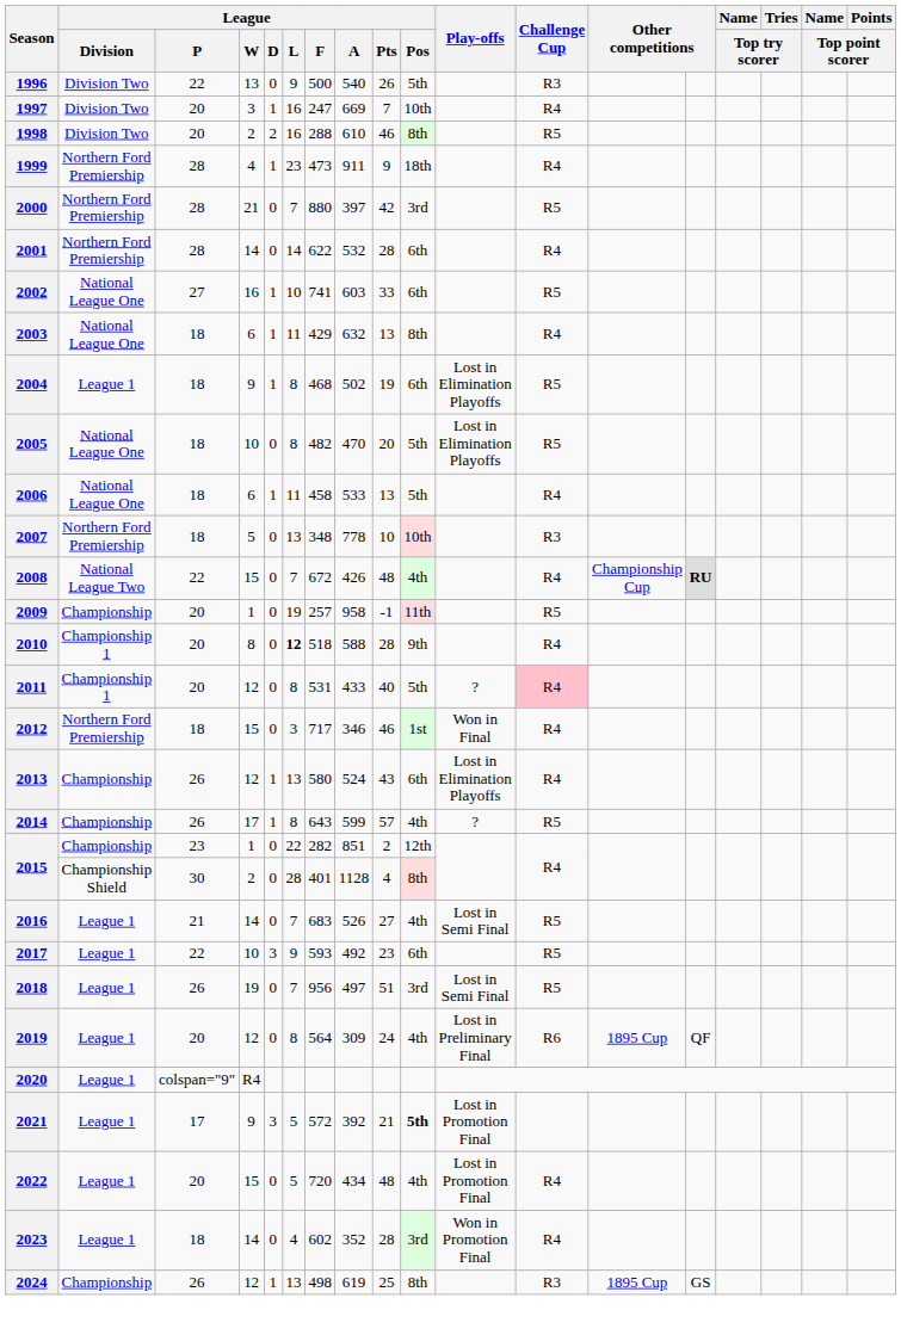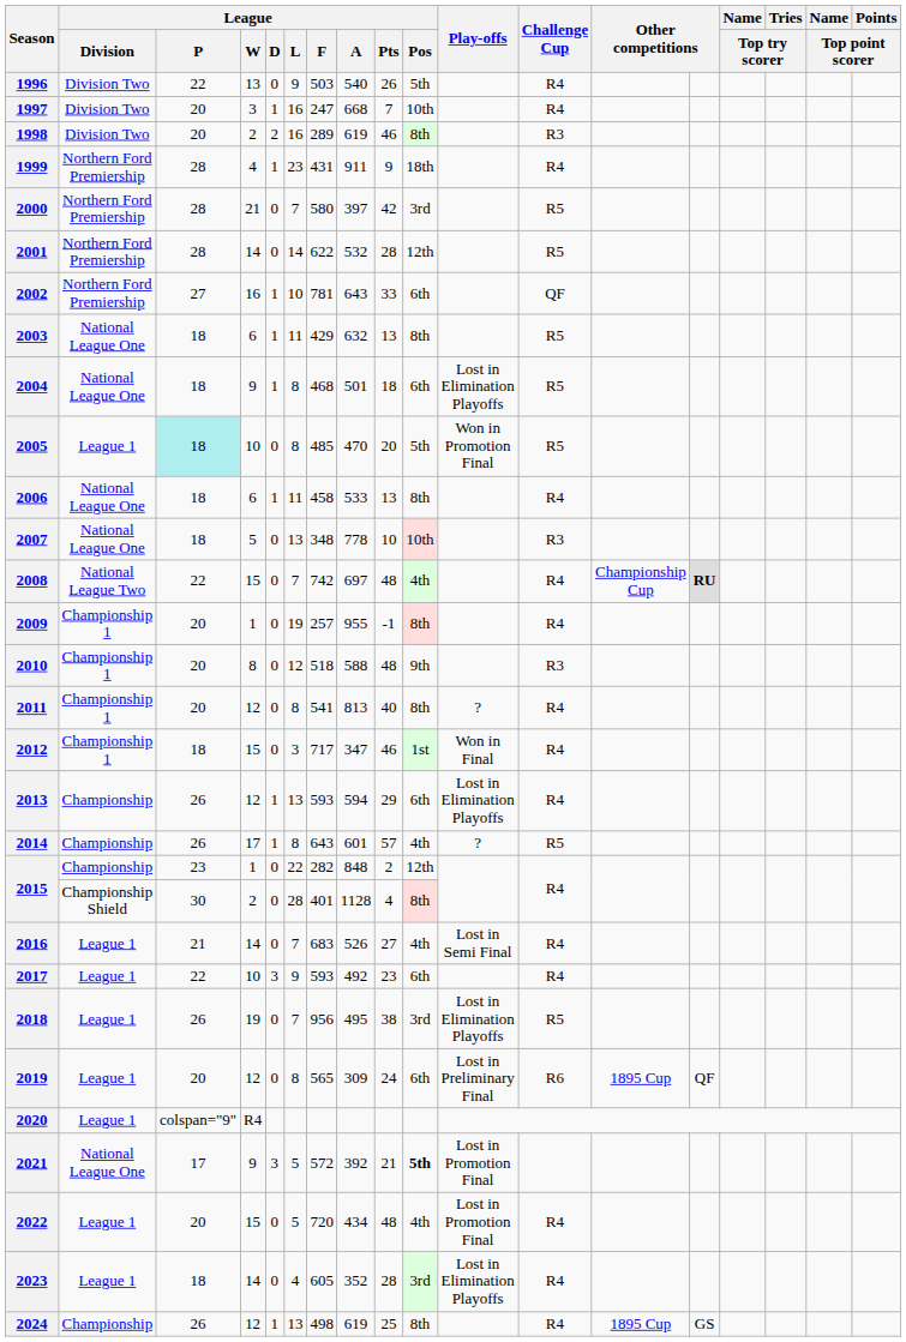 <table class="wikitable" style="text-align: center">
 <tr>
 <th rowspan="2" scope="col">Season</th>
 <th colspan="9" scope="col">League</th>
 <th rowspan="2" scope="col"><a href='#'>Play-offs</a></th>
 <th rowspan="2" scope="col"><a href='#'>Challenge Cup</a></th>
 <th colspan="2" rowspan="2" scope="col">Other competitions</th>
 <th scope="col">Name</th>
 <th scope="col">Tries</th>
 <th scope="col">Name</th>
 <th scope="col">Points</th>
 </tr>
 <tr>
 <th scope="col">Division</th>
 <th scope="col">P</th>
 <th scope="col">W</th>
 <th scope="col">D</th>
 <th scope="col">L</th>
 <th scope="col">F</th>
 <th scope="col">A</th>
 <th scope="col">Pts</th>
 <th scope="col">Pos</th>
 <th colspan="2" scope="col">Top try scorer</th>
 <th colspan="2" scope="col">Top point scorer</th>
 </tr>
 <tr>
 <th scope="row"><a href='#'>1996</a></th>
 <td><a href='#'>Division Two</a></td>
 <td>22</td>
 <td>13</td>
 <td>0</td>
 <td>9</td>
-<td>500</td>
+<td>503</td>
 <td>540</td>
 <td>26</td>
 <td>5th</td>
 <td></td>
-<td>R3</td>
+<td>R4</td>
 <td></td>
 <td></td>
 <td></td>
 <td></td>
 <td></td>
 <td></td>
 </tr>
 <tr>
 <th scope="row"><a href='#'>1997</a></th>
 <td><a href='#'>Division Two</a></td>
 <td>20</td>
 <td>3</td>
 <td>1</td>
 <td>16</td>
 <td>247</td>
-<td>669</td>
+<td>668</td>
 <td>7</td>
 <td>10th</td>
 <td></td>
 <td>R4</td>
 <td></td>
 <td></td>
 <td></td>
 <td></td>
 <td></td>
 <td></td>
 </tr>
 <tr>
 <th scope="row"><a href='#'>1998</a></th>
 <td><a href='#'>Division Two</a></td>
 <td>20</td>
 <td>2</td>
 <td>2</td>
 <td>16</td>
-<td>288</td>
-<td>610</td>
+<td>289</td>
+<td>619</td>
 <td>46</td>
 <td style="background:#ddffdd;">8th</td>
 <td></td>
-<td>R5</td>
+<td>R3</td>
 <td></td>
 <td></td>
 <td></td>
 <td></td>
 <td></td>
 <td></td>
 </tr>
 <tr>
 <th scope="row"><a href='#'>1999</a></th>
 <td><a href='#'>Northern Ford Premiership</a></td>
 <td>28</td>
 <td>4</td>
 <td>1</td>
 <td>23</td>
-<td>473</td>
+<td>431</td>
 <td>911</td>
 <td>9</td>
 <td>18th</td>
 <td></td>
 <td>R4</td>
 <td></td>
 <td></td>
 <td></td>
 <td></td>
 <td></td>
 <td></td>
 </tr>
 <tr>
 <th scope="row"><a href='#'>2000</a></th>
 <td><a href='#'>Northern Ford Premiership</a></td>
 <td>28</td>
 <td>21</td>
 <td>0</td>
 <td>7</td>
-<td>880</td>
+<td>580</td>
 <td>397</td>
 <td>42</td>
 <td>3rd</td>
 <td></td>
 <td>R5</td>
 <td></td>
 <td></td>
 <td></td>
 <td></td>
 <td></td>
 <td></td>
 </tr>
 <tr>
 <th scope="row"><a href='#'>2001</a></th>
 <td><a href='#'>Northern Ford Premiership</a></td>
 <td>28</td>
 <td>14</td>
 <td>0</td>
 <td>14</td>
 <td>622</td>
 <td>532</td>
 <td>28</td>
-<td>6th</td>
+<td>12th</td>
 <td></td>
-<td>R4</td>
+<td>R5</td>
 <td></td>
 <td></td>
 <td></td>
 <td></td>
 <td></td>
 <td></td>
 </tr>
 <tr>
 <th scope="row"><a href='#'>2002</a></th>
-<td><a href='#'>National League One</a></td>
+<td><a href='#'>Northern Ford Premiership</a></td>
 <td>27</td>
 <td>16</td>
 <td>1</td>
 <td>10</td>
-<td>741</td>
-<td>603</td>
+<td>781</td>
+<td>643</td>
 <td>33</td>
 <td>6th</td>
 <td></td>
-<td>R5</td>
+<td>QF</td>
 <td></td>
 <td></td>
 <td></td>
 <td></td>
 <td></td>
 <td></td>
 </tr>
 <tr>
 <th scope="row"><a href='#'>2003</a></th>
 <td><a href='#'>National League One</a></td>
 <td>18</td>
 <td>6</td>
 <td>1</td>
 <td>11</td>
 <td>429</td>
 <td>632</td>
 <td>13</td>
 <td>8th</td>
 <td></td>
-<td>R4</td>
+<td>R5</td>
 <td></td>
 <td></td>
 <td></td>
 <td></td>
 <td></td>
 <td></td>
 </tr>
 <tr>
 <th scope="row"><a href='#'>2004</a></th>
-<td><a href='#'>League 1</a></td>
+<td><a href='#'>National League One</a></td>
 <td>18</td>
 <td>9</td>
 <td>1</td>
 <td>8</td>
 <td>468</td>
-<td>502</td>
-<td>19</td>
+<td>501</td>
+<td>18</td>
 <td>6th</td>
 <td>Lost in Elimination Playoffs</td>
 <td>R5</td>
 <td></td>
 <td></td>
 <td></td>
 <td></td>
 <td></td>
 <td></td>
 </tr>
 <tr>
 <th scope="row"><a href='#'>2005</a></th>
-<td><a href='#'>National League One</a></td>
-<td>18</td>
+<td><a href='#'>League 1</a></td>
+<td style="background: paleturquoise;">18</td>
 <td>10</td>
 <td>0</td>
 <td>8</td>
-<td>482</td>
+<td>485</td>
 <td>470</td>
 <td>20</td>
 <td>5th</td>
-<td>Lost in Elimination Playoffs</td>
+<td>Won in Promotion Final</td>
 <td>R5</td>
 <td></td>
 <td></td>
 <td></td>
 <td></td>
 <td></td>
 <td></td>
 </tr>
 <tr>
 <th scope="row"><a href='#'>2006</a></th>
 <td><a href='#'>National League One</a></td>
 <td>18</td>
 <td>6</td>
 <td>1</td>
 <td>11</td>
 <td>458</td>
 <td>533</td>
 <td>13</td>
-<td>5th</td>
+<td>8th</td>
 <td></td>
 <td>R4</td>
 <td></td>
 <td></td>
 <td></td>
 <td></td>
 <td></td>
 <td></td>
 </tr>
 <tr>
 <th scope="row"><a href='#'>2007</a></th>
-<td><a href='#'>Northern Ford Premiership</a></td>
+<td><a href='#'>National League One</a></td>
 <td>18</td>
 <td>5</td>
 <td>0</td>
 <td>13</td>
 <td>348</td>
 <td>778</td>
 <td>10</td>
 <td style="background:#ffdddd;">10th</td>
 <td></td>
 <td>R3</td>
 <td></td>
 <td></td>
 <td></td>
 <td></td>
 <td></td>
 <td></td>
 </tr>
 <tr>
 <th scope="row"><a href='#'>2008</a></th>
 <td><a href='#'>National League Two</a></td>
 <td>22</td>
 <td>15</td>
 <td>0</td>
 <td>7</td>
-<td>672</td>
-<td>426</td>
+<td>742</td>
+<td>697</td>
 <td>48</td>
 <td style="background:#ddffdd;">4th</td>
 <td></td>
 <td>R4</td>
 <td><a href='#'>Championship Cup</a></td>
 <td style="background-color:#DDD"><strong>RU</strong></td>
 <td></td>
 <td></td>
 <td></td>
 <td></td>
 </tr>
 <tr>
 <th scope="row"><a href='#'>2009</a></th>
-<td><a href='#'>Championship</a></td>
+<td><a href='#'>Championship 1</a></td>
 <td>20</td>
 <td>1</td>
 <td>0</td>
 <td>19</td>
 <td>257</td>
-<td>958</td>
+<td>955</td>
 <td>-1</td>
-<td style="background:#ffdddd;">11th</td>
+<td style="background:#ffdddd;">8th</td>
 <td></td>
-<td>R5</td>
+<td>R4</td>
 <td></td>
 <td></td>
 <td></td>
 <td></td>
 <td></td>
 <td></td>
 </tr>
 <tr>
 <th scope="row"><a href='#'>2010</a></th>
 <td><a href='#'>Championship 1</a></td>
 <td>20</td>
 <td>8</td>
 <td>0</td>
-<td><strong>12</strong></td>
+<td>12</td>
 <td>518</td>
 <td>588</td>
-<td>28</td>
+<td>48</td>
 <td>9th</td>
 <td></td>
-<td>R4</td>
+<td>R3</td>
 <td></td>
 <td></td>
 <td></td>
 <td></td>
 <td></td>
 <td></td>
 </tr>
 <tr>
 <th scope="row"><a href='#'>2011</a></th>
 <td><a href='#'>Championship 1</a></td>
 <td>20</td>
 <td>12</td>
 <td>0</td>
 <td>8</td>
-<td>531</td>
-<td>433</td>
+<td>541</td>
+<td>813</td>
 <td>40</td>
-<td>5th</td>
+<td>8th</td>
 <td>?</td>
-<td style="background: pink;">R4</td>
+<td>R4</td>
 <td></td>
 <td></td>
 <td></td>
 <td></td>
 <td></td>
 <td></td>
 </tr>
 <tr>
 <th scope="row"><a href='#'>2012</a></th>
-<td><a href='#'>Northern Ford Premiership</a></td>
+<td><a href='#'>Championship 1</a></td>
 <td>18</td>
 <td>15</td>
 <td>0</td>
 <td>3</td>
 <td>717</td>
-<td>346</td>
+<td>347</td>
 <td>46</td>
 <td style="background:#ddffdd;">1st</td>
 <td>Won in Final</td>
 <td>R4</td>
 <td></td>
 <td></td>
 <td></td>
 <td></td>
 <td></td>
 <td></td>
 </tr>
 <tr>
 <th scope="row"><a href='#'>2013</a></th>
 <td><a href='#'>Championship</a></td>
 <td>26</td>
 <td>12</td>
 <td>1</td>
 <td>13</td>
-<td>580</td>
-<td>524</td>
-<td>43</td>
+<td>593</td>
+<td>594</td>
+<td>29</td>
 <td>6th</td>
 <td>Lost in Elimination Playoffs</td>
 <td>R4</td>
 <td></td>
 <td></td>
 <td></td>
 <td></td>
 <td></td>
 <td></td>
 </tr>
 <tr>
 <th scope="row"><a href='#'>2014</a></th>
 <td><a href='#'>Championship</a></td>
 <td>26</td>
 <td>17</td>
 <td>1</td>
 <td>8</td>
 <td>643</td>
-<td>599</td>
+<td>601</td>
 <td>57</td>
 <td>4th</td>
 <td>?</td>
 <td>R5</td>
 <td></td>
 <td></td>
 <td></td>
 <td></td>
 <td></td>
 <td></td>
 </tr>
 <tr>
 <th scope="row" rowspan="2"><a href='#'>2015</a></th>
 <td><a href='#'>Championship</a></td>
 <td>23</td>
 <td>1</td>
 <td>0</td>
 <td>22</td>
 <td>282</td>
-<td>851</td>
+<td>848</td>
 <td>2</td>
 <td>12th</td>
 <td rowspan="2"></td>
 <td rowspan="2">R4</td>
 <td rowspan="2"></td>
 <td rowspan="2"></td>
 <td rowspan="2"></td>
 <td rowspan="2"></td>
 <td rowspan="2"></td>
 <td rowspan="2"></td>
 </tr>
 <tr>
 <td>Championship Shield</td>
 <td>30</td>
 <td>2</td>
 <td>0</td>
 <td>28</td>
 <td>401</td>
 <td>1128</td>
 <td>4</td>
 <td style="background:#ffdddd;">8th</td>
 </tr>
 <tr>
 <th scope="row"><a href='#'>2016</a></th>
 <td><a href='#'>League 1</a></td>
 <td>21</td>
 <td>14</td>
 <td>0</td>
 <td>7</td>
 <td>683</td>
 <td>526</td>
 <td>27</td>
 <td>4th</td>
 <td>Lost in Semi Final</td>
-<td>R5</td>
+<td>R4</td>
 <td></td>
 <td></td>
 <td></td>
 <td></td>
 <td></td>
 <td></td>
 </tr>
 <tr>
 <th scope="row"><a href='#'>2017</a></th>
 <td><a href='#'>League 1</a></td>
 <td>22</td>
 <td>10</td>
 <td>3</td>
 <td>9</td>
 <td>593</td>
 <td>492</td>
 <td>23</td>
 <td>6th</td>
 <td></td>
-<td>R5</td>
+<td>R4</td>
 <td></td>
 <td></td>
 <td></td>
 <td></td>
 <td></td>
 <td></td>
 </tr>
 <tr>
 <th scope="row"><a href='#'>2018</a></th>
 <td><a href='#'>League 1</a></td>
 <td>26</td>
 <td>19</td>
 <td>0</td>
 <td>7</td>
 <td>956</td>
-<td>497</td>
-<td>51</td>
+<td>495</td>
+<td>38</td>
 <td>3rd</td>
-<td>Lost in Semi Final</td>
+<td>Lost in Elimination Playoffs</td>
 <td>R5</td>
 <td></td>
 <td></td>
 <td></td>
 <td></td>
 <td></td>
 <td></td>
 </tr>
 <tr>
 <th scope="row"><a href='#'>2019</a></th>
 <td><a href='#'>League 1</a></td>
 <td>20</td>
 <td>12</td>
 <td>0</td>
 <td>8</td>
-<td>564</td>
+<td>565</td>
 <td>309</td>
 <td>24</td>
-<td>4th</td>
+<td>6th</td>
 <td>Lost in Preliminary Final</td>
 <td>R6</td>
 <td><a href='#'>1895 Cup</a></td>
 <td>QF</td>
 <td></td>
 <td></td>
 <td></td>
 <td></td>
 </tr>
 <tr>
 <th scope="row"><a href='#'>2020</a></th>
 <td><a href='#'>League 1</a></td>
 <td>colspan="9"</td>
 <td>R4</td>
 <td></td>
 <td></td>
 <td></td>
 <td></td>
 <td></td>
 <td></td>
 </tr>
 <tr>
 <th scope="row"><a href='#'>2021</a></th>
-<td><a href='#'>League 1</a></td>
+<td><a href='#'>National League One</a></td>
 <td>17</td>
 <td>9</td>
 <td>3</td>
 <td>5</td>
 <td>572</td>
 <td>392</td>
 <td>21</td>
 <td><strong>5th</strong></td>
 <td>Lost in Promotion Final</td>
 <td></td>
 <td></td>
 <td></td>
 <td></td>
 <td></td>
 <td></td>
 <td></td>
 </tr>
 <tr>
 <th scope="row"><a href='#'>2022</a></th>
 <td><a href='#'>League 1</a></td>
 <td>20</td>
 <td>15</td>
 <td>0</td>
 <td>5</td>
 <td>720</td>
 <td>434</td>
 <td>48</td>
 <td>4th</td>
 <td>Lost in Promotion Final</td>
 <td>R4</td>
 <td></td>
 <td></td>
 <td></td>
 <td></td>
 <td></td>
 <td></td>
 </tr>
 <tr>
 <th scope="row"><a href='#'>2023</a></th>
 <td><a href='#'>League 1</a></td>
 <td>18</td>
 <td>14</td>
 <td>0</td>
 <td>4</td>
-<td>602</td>
+<td>605</td>
 <td>352</td>
 <td>28</td>
 <td style="background:#ddffdd;">3rd</td>
-<td>Won in Promotion Final</td>
+<td>Lost in Elimination Playoffs</td>
 <td>R4</td>
 <td></td>
 <td></td>
 <td></td>
 <td></td>
 <td></td>
 <td></td>
 </tr>
 <tr>
 <th scope="row"><a href='#'>2024</a></th>
 <td><a href='#'>Championship</a></td>
 <td>26</td>
 <td>12</td>
 <td>1</td>
 <td>13</td>
 <td>498</td>
 <td>619</td>
 <td>25</td>
 <td>8th</td>
 <td></td>
-<td>R3</td>
+<td>R4</td>
 <td><a href='#'>1895 Cup</a></td>
 <td>GS</td>
 <td></td>
 <td></td>
 <td></td>
 <td></td>
 </tr>
 </table>
